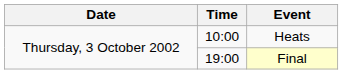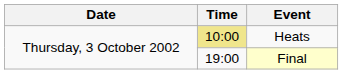 <table class = "wikitable" style="text-align:center;">
 <tr>
 <th width=220>Date</th>
 <th width=50>Time</th>
 <th width=100>Event</th>
 </tr>
 <tr>
 <td rowspan=2>Thursday, 3 October 2002</td>
-<td>10:00</td>
+<td style="background: khaki;">10:00</td>
 <td>Heats</td>
 </tr>
 <tr>
 <td>19:00</td>
 <td bgcolor=ffffcc>Final</td>
 </tr>
 </table>
